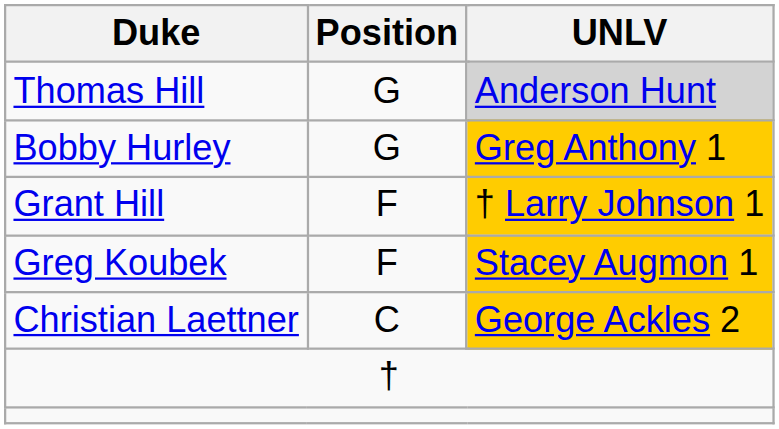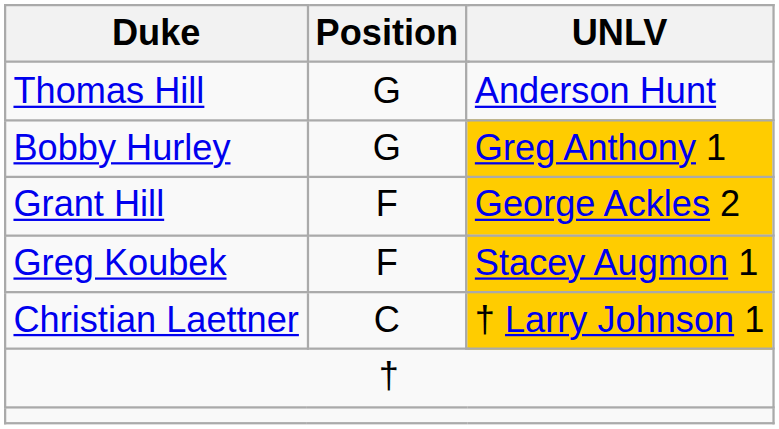 <table class="wikitable">
 <tr>
 <th>Duke</th>
 <th colspan="2">Position</th>
 <th>UNLV</th>
 </tr>
 <tr>
 <td><a href='#'>Thomas Hill</a></td>
 <td colspan=2 style="text-align:center">G</td>
-<td style="background: lightgrey;"><a href='#'>Anderson Hunt</a></td>
+<td><a href='#'>Anderson Hunt</a></td>
 </tr>
 <tr>
 <td><a href='#'>Bobby Hurley</a></td>
 <td colspan=2 style="text-align:center">G</td>
 <td style="background:#ffcc00"><a href='#'>Greg Anthony</a> 1</td>
 </tr>
 <tr>
 <td><a href='#'>Grant Hill</a></td>
 <td colspan=2 style="text-align:center">F</td>
-<td style="background:#ffcc00">† <a href='#'>Larry Johnson</a> 1</td>
+<td style="background:#ffcc00"><a href='#'>George Ackles</a> 2</td>
 </tr>
 <tr>
 <td><a href='#'>Greg Koubek</a></td>
 <td colspan=2 style="text-align:center">F</td>
 <td style="background:#ffcc00"><a href='#'>Stacey Augmon</a> 1</td>
 </tr>
 <tr>
 <td><a href='#'>Christian Laettner</a></td>
 <td colspan=2 style="text-align:center">C</td>
-<td style="background:#ffcc00"><a href='#'>George Ackles</a> 2</td>
+<td style="background:#ffcc00">† <a href='#'>Larry Johnson</a> 1</td>
 </tr>
 <tr>
 <td colspan="5" align=center>† </td>
 </tr>
 <tr>
 <td colspan="5" align=center></td>
 </tr>
 </table>
